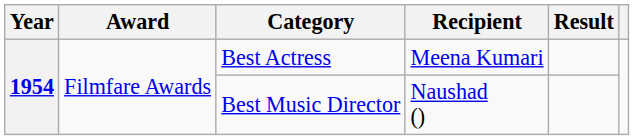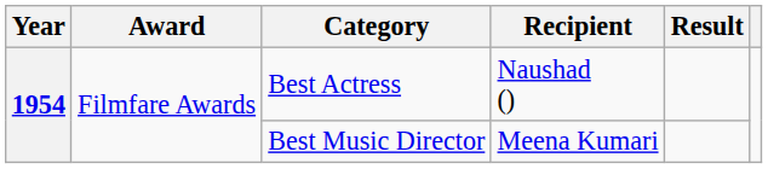 <table class="wikitable plainrowheaders sortable">
 <tr>
 <th>Year</th>
 <th>Award</th>
 <th>Category</th>
 <th>Recipient</th>
 <th>Result</th>
 <th></th>
 </tr>
 <tr>
 <th rowspan="2"><a href='#'>1954</a></th>
 <td rowspan="2"><a href='#'>Filmfare Awards</a></td>
 <td><a href='#'>Best Actress</a></td>
-<td><a href='#'>Meena Kumari</a></td>
+<td><a href='#'>Naushad</a> <br>()</td>
 <td></td>
 <td rowspan="2"></td>
 </tr>
 <tr>
 <td><a href='#'>Best Music Director</a></td>
-<td><a href='#'>Naushad</a> <br>()</td>
+<td><a href='#'>Meena Kumari</a></td>
 <td></td>
 </tr>
 </table>
